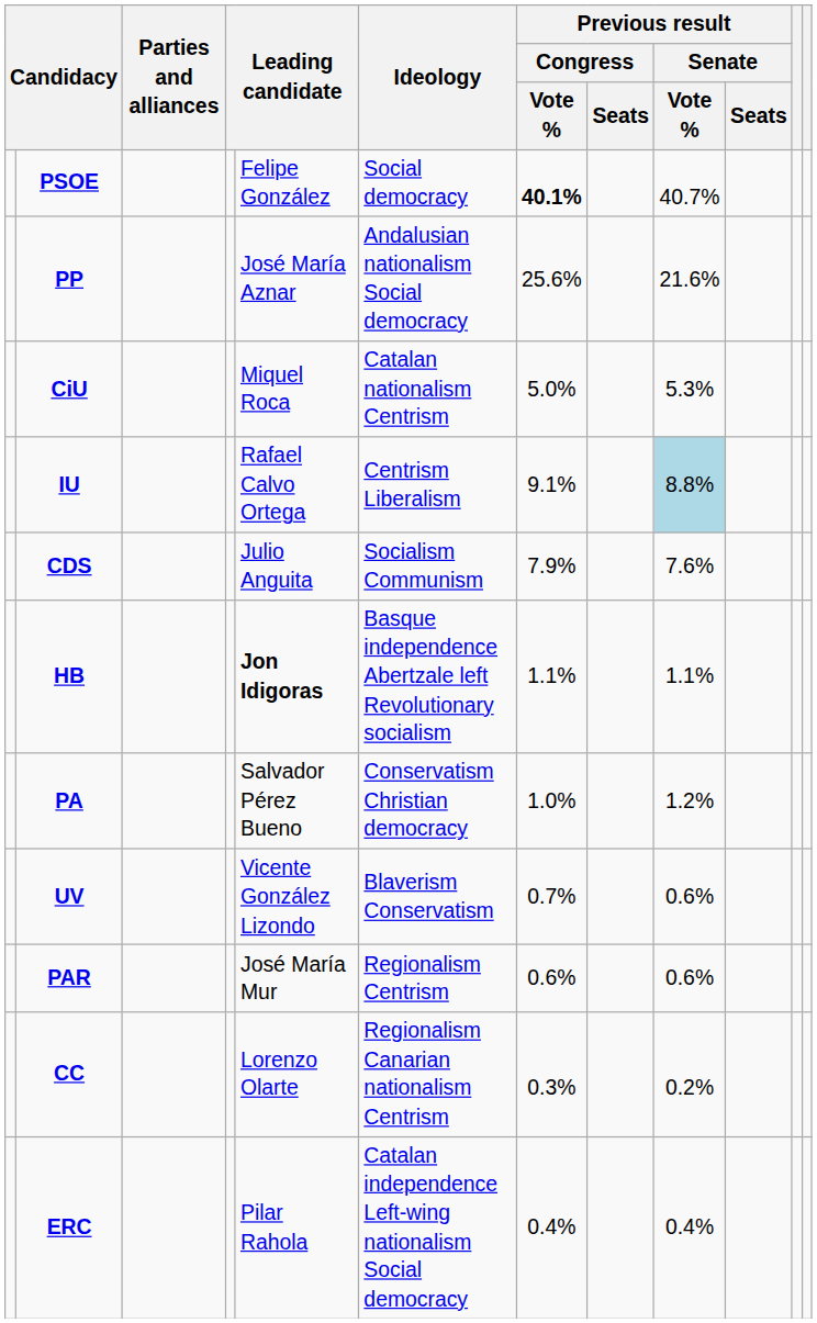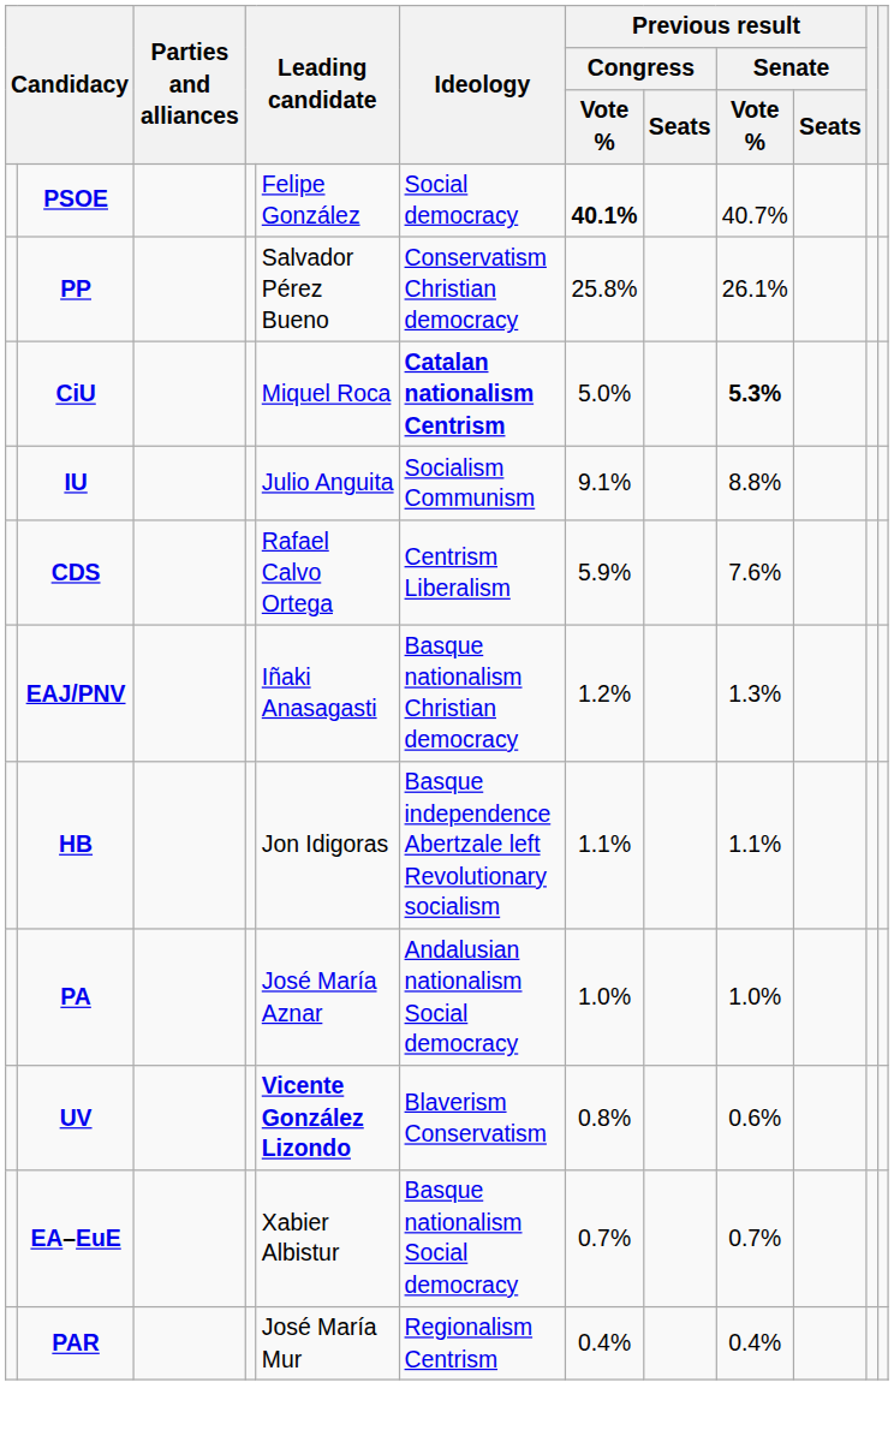 <table class="wikitable" style="line-height:1.35em; text-align:left;">
 <tr>
 <th colspan="2" rowspan="3">Candidacy</th>
 <th rowspan="3">Parties and<br>alliances</th>
 <th colspan="2" rowspan="3">Leading candidate</th>
 <th rowspan="3">Ideology</th>
 <th colspan="4">Previous result</th>
 <th rowspan="3"></th>
 <th rowspan="3"></th>
 </tr>
 <tr>
 <th colspan="2">Congress</th>
 <th colspan="2">Senate</th>
 </tr>
 <tr>
 <th>Vote %</th>
 <th>Seats</th>
 <th>Vote %</th>
 <th>Seats</th>
 </tr>
 <tr>
 <td width="1" style="color:inherit;background:"></td>
 <td align="center"><strong><a href='#'>PSOE</a></strong></td>
 <td></td>
 <td></td>
 <td><a href='#'>Felipe González</a></td>
 <td><a href='#'>Social democracy</a></td>
 <td align="center"><strong><br>40.1%<br></strong></td>
 <td></td>
 <td align="center"><br>40.7%<br></td>
 <td></td>
 <td></td>
 <td><br><br></td>
 </tr>
 <tr>
 <td style="color:inherit;background:"></td>
 <td align="center"><strong><a href='#'>PP</a></strong></td>
 <td></td>
 <td></td>
-<td><a href='#'>José María Aznar</a></td>
-<td><a href='#'>Andalusian nationalism</a><br><a href='#'>Social democracy</a></td>
-<td align="center">25.6%</td>
+<td>Salvador Pérez Bueno</td>
+<td><a href='#'>Conservatism</a><br><a href='#'>Christian democracy</a></td>
+<td align="center">25.8%</td>
 <td></td>
-<td align="center">21.6%</td>
+<td align="center">26.1%</td>
 <td></td>
 <td></td>
 <td><br></td>
 </tr>
 <tr>
 <td style="color:inherit;background:"></td>
 <td align="center"><strong><a href='#'>CiU</a></strong></td>
 <td></td>
 <td></td>
 <td><a href='#'>Miquel Roca</a></td>
-<td><a href='#'>Catalan nationalism</a><br><a href='#'>Centrism</a></td>
+<td><strong><a href='#'>Catalan nationalism</a><br><a href='#'>Centrism</a></strong></td>
 <td align="center">5.0%</td>
 <td></td>
-<td align="center">5.3%</td>
+<td align="center"><strong>5.3%</strong></td>
 <td></td>
 <td></td>
 <td></td>
 </tr>
 <tr>
 <td style="color:inherit;background:"></td>
 <td align="center"><strong><a href='#'>IU</a></strong></td>
 <td></td>
 <td></td>
-<td><a href='#'>Rafael Calvo Ortega</a></td>
-<td><a href='#'>Centrism</a><br><a href='#'>Liberalism</a></td>
+<td><a href='#'>Julio Anguita</a></td>
+<td><a href='#'>Socialism</a><br><a href='#'>Communism</a></td>
 <td align="center">9.1%</td>
 <td></td>
-<td align="center" style="background: lightblue;">8.8%</td>
+<td align="center">8.8%</td>
 <td></td>
 <td></td>
 <td></td>
 </tr>
 <tr>
 <td style="color:inherit;background:"></td>
 <td align="center"><strong><a href='#'>CDS</a></strong></td>
 <td></td>
 <td></td>
-<td><a href='#'>Julio Anguita</a></td>
-<td><a href='#'>Socialism</a><br><a href='#'>Communism</a></td>
-<td align="center">7.9%</td>
+<td><a href='#'>Rafael Calvo Ortega</a></td>
+<td><a href='#'>Centrism</a><br><a href='#'>Liberalism</a></td>
+<td align="center">5.9%</td>
 <td></td>
 <td align="center">7.6%</td>
+<td></td>
+<td></td>
+<td></td>
+</tr>
+<tr>
+<td style="color:inherit;background:"></td>
+<td align="center"><strong><a href='#'>EAJ/PNV</a></strong></td>
+<td></td>
+<td></td>
+<td><a href='#'>Iñaki Anasagasti</a></td>
+<td><a href='#'>Basque nationalism</a><br><a href='#'>Christian democracy</a></td>
+<td align="center">1.2%</td>
+<td></td>
+<td align="center">1.3%</td>
 <td></td>
 <td></td>
 <td></td>
 </tr>
 <tr>
 <td style="color:inherit;background:"></td>
 <td align="center"><strong><a href='#'>HB</a></strong></td>
 <td></td>
 <td></td>
-<td><strong>Jon Idigoras</strong></td>
+<td>Jon Idigoras</td>
 <td><a href='#'>Basque independence</a><br><a href='#'>Abertzale left</a><br><a href='#'>Revolutionary socialism</a></td>
 <td align="center">1.1%</td>
 <td></td>
 <td align="center">1.1%</td>
 <td></td>
 <td></td>
 <td></td>
 </tr>
 <tr>
 <td style="color:inherit;background:"></td>
 <td align="center"><strong><a href='#'>PA</a></strong></td>
 <td></td>
 <td></td>
-<td>Salvador Pérez Bueno</td>
-<td><a href='#'>Conservatism</a><br><a href='#'>Christian democracy</a></td>
+<td><a href='#'>José María Aznar</a></td>
+<td><a href='#'>Andalusian nationalism</a><br><a href='#'>Social democracy</a></td>
 <td align="center">1.0%</td>
 <td></td>
-<td align="center">1.2%</td>
+<td align="center">1.0%</td>
 <td></td>
 <td></td>
 <td></td>
 </tr>
 <tr>
 <td style="color:inherit;background:"></td>
 <td align="center"><strong><a href='#'>UV</a></strong></td>
 <td></td>
 <td></td>
-<td><a href='#'>Vicente González Lizondo</a></td>
+<td><strong><a href='#'>Vicente González Lizondo</a></strong></td>
 <td><a href='#'>Blaverism</a><br><a href='#'>Conservatism</a></td>
+<td align="center">0.8%</td>
+<td></td>
+<td align="center">0.6%</td>
+<td></td>
+<td></td>
+<td></td>
+</tr>
+<tr>
+<td style="color:inherit;background:"></td>
+<td align="center"><strong><a href='#'>EA</a>–<a href='#'>EuE</a></strong></td>
+<td></td>
+<td></td>
+<td>Xabier Albistur</td>
+<td><a href='#'>Basque nationalism</a><br><a href='#'>Social democracy</a></td>
 <td align="center">0.7%</td>
 <td></td>
-<td align="center">0.6%</td>
+<td align="center">0.7%</td>
 <td></td>
 <td></td>
 <td></td>
 </tr>
 <tr>
 <td style="color:inherit;background:"></td>
 <td align="center"><strong><a href='#'>PAR</a></strong></td>
 <td></td>
 <td></td>
 <td>José María Mur</td>
 <td><a href='#'>Regionalism</a><br><a href='#'>Centrism</a></td>
-<td align="center">0.6%</td>
-<td></td>
-<td align="center">0.6%</td>
-<td></td>
-<td></td>
-<td></td>
-</tr>
-<tr>
-<td style="color:inherit;background:"></td>
-<td align="center"><strong><a href='#'>CC</a></strong></td>
-<td></td>
-<td></td>
-<td><a href='#'>Lorenzo Olarte</a></td>
-<td><a href='#'>Regionalism</a><br><a href='#'>Canarian nationalism</a><br><a href='#'>Centrism</a></td>
-<td align="center"><br>0.3%<br></td>
-<td></td>
-<td align="center"><br>0.2%<br></td>
-<td></td>
-<td></td>
-<td></td>
-</tr>
-<tr>
-<td style="color:inherit;background:"></td>
-<td align="center"><strong><a href='#'>ERC</a></strong></td>
-<td></td>
-<td></td>
-<td><a href='#'>Pilar Rahola</a></td>
-<td><a href='#'>Catalan independence</a><br><a href='#'>Left-wing nationalism</a><br><a href='#'>Social democracy</a></td>
 <td align="center">0.4%</td>
 <td></td>
 <td align="center">0.4%</td>
 <td></td>
 <td></td>
 <td></td>
 </tr>
 </table>
